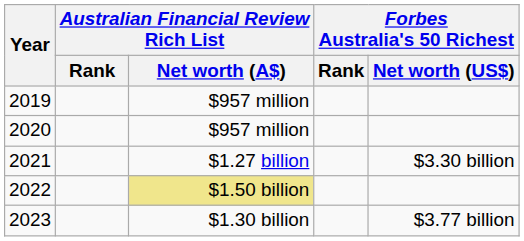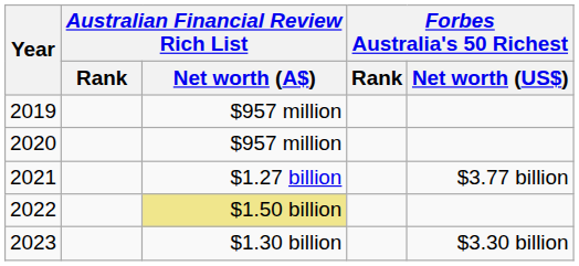 <table class="wikitable">
 <tr>
 <th rowspan=2>Year</th>
 <th colspan=2><em><a href='#'>Australian Financial Review</a></em><br><a href='#'>Rich List</a></th>
 <th colspan=2><em><a href='#'>Forbes</a></em><br><a href='#'>Australia's 50 Richest</a></th>
 </tr>
 <tr>
 <th>Rank</th>
 <th><a href='#'>Net worth</a> (<a href='#'>A$</a>)</th>
 <th>Rank</th>
 <th><a href='#'>Net worth</a> (<a href='#'>US$</a>)</th>
 </tr>
 <tr>
 <td>2019</td>
 <td align="center"></td>
 <td align="right">$957 million </td>
 <td align="center"></td>
 <td align="right"></td>
 </tr>
 <tr>
 <td>2020</td>
 <td align="center"></td>
 <td align="right">$957 million </td>
 <td align="center"></td>
 <td align="right"></td>
 </tr>
 <tr>
 <td>2021</td>
 <td align="center"></td>
 <td align="right">$1.27 <a href='#'>billion</a> </td>
 <td align="center"></td>
-<td align="right">$3.30 billion</td>
+<td align="right">$3.77 billion</td>
 </tr>
 <tr>
 <td>2022</td>
 <td align="center"></td>
 <td align="right" style="background: khaki;">$1.50 billion </td>
 <td align="center"></td>
 <td align="right"></td>
 </tr>
 <tr>
 <td>2023</td>
 <td align="center"></td>
 <td align="right">$1.30 billion </td>
 <td align="center"></td>
-<td align="right">$3.77 billion</td>
+<td align="right">$3.30 billion</td>
 </tr>
 </table>
